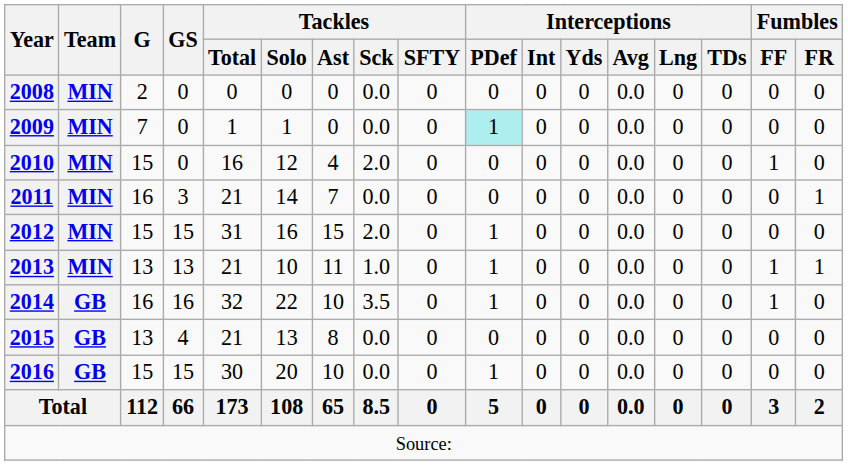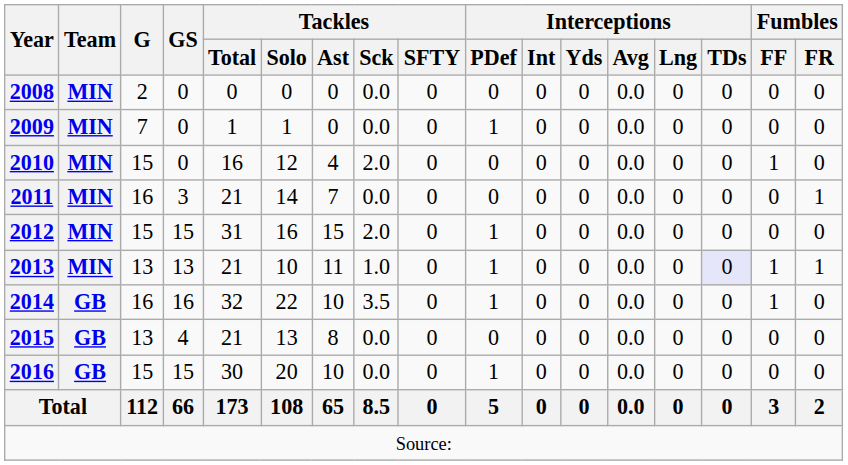 <table class="wikitable" style="text-align: center;">
 <tr>
 <th rowspan=2>Year</th>
 <th rowspan=2>Team</th>
 <th rowspan=2>G</th>
 <th rowspan=2>GS</th>
 <th colspan=5>Tackles</th>
 <th colspan=6>Interceptions</th>
 <th colspan=2>Fumbles</th>
 </tr>
 <tr>
 <th>Total</th>
 <th>Solo</th>
 <th>Ast</th>
 <th>Sck</th>
 <th>SFTY</th>
 <th>PDef</th>
 <th>Int</th>
 <th>Yds</th>
 <th>Avg</th>
 <th>Lng</th>
 <th>TDs</th>
 <th>FF</th>
 <th>FR</th>
 </tr>
 <tr>
 <th><a href='#'>2008</a></th>
 <th><a href='#'>MIN</a></th>
 <td>2</td>
 <td>0</td>
 <td>0</td>
 <td>0</td>
 <td>0</td>
 <td>0.0</td>
 <td>0</td>
 <td>0</td>
 <td>0</td>
 <td>0</td>
 <td>0.0</td>
 <td>0</td>
 <td>0</td>
 <td>0</td>
 <td>0</td>
 </tr>
 <tr>
 <th><a href='#'>2009</a></th>
 <th><a href='#'>MIN</a></th>
 <td>7</td>
 <td>0</td>
 <td>1</td>
 <td>1</td>
 <td>0</td>
 <td>0.0</td>
 <td>0</td>
-<td style="background: paleturquoise;">1</td>
+<td>1</td>
 <td>0</td>
 <td>0</td>
 <td>0.0</td>
 <td>0</td>
 <td>0</td>
 <td>0</td>
 <td>0</td>
 </tr>
 <tr>
 <th><a href='#'>2010</a></th>
 <th><a href='#'>MIN</a></th>
 <td>15</td>
 <td>0</td>
 <td>16</td>
 <td>12</td>
 <td>4</td>
 <td>2.0</td>
 <td>0</td>
 <td>0</td>
 <td>0</td>
 <td>0</td>
 <td>0.0</td>
 <td>0</td>
 <td>0</td>
 <td>1</td>
 <td>0</td>
 </tr>
 <tr>
 <th><a href='#'>2011</a></th>
 <th><a href='#'>MIN</a></th>
 <td>16</td>
 <td>3</td>
 <td>21</td>
 <td>14</td>
 <td>7</td>
 <td>0.0</td>
 <td>0</td>
 <td>0</td>
 <td>0</td>
 <td>0</td>
 <td>0.0</td>
 <td>0</td>
 <td>0</td>
 <td>0</td>
 <td>1</td>
 </tr>
 <tr>
 <th><a href='#'>2012</a></th>
 <th><a href='#'>MIN</a></th>
 <td>15</td>
 <td>15</td>
 <td>31</td>
 <td>16</td>
 <td>15</td>
 <td>2.0</td>
 <td>0</td>
 <td>1</td>
 <td>0</td>
 <td>0</td>
 <td>0.0</td>
 <td>0</td>
 <td>0</td>
 <td>0</td>
 <td>0</td>
 </tr>
 <tr>
 <th><a href='#'>2013</a></th>
 <th><a href='#'>MIN</a></th>
 <td>13</td>
 <td>13</td>
 <td>21</td>
 <td>10</td>
 <td>11</td>
 <td>1.0</td>
 <td>0</td>
 <td>1</td>
 <td>0</td>
 <td>0</td>
 <td>0.0</td>
 <td>0</td>
-<td>0</td>
+<td style="background: lavender;">0</td>
 <td>1</td>
 <td>1</td>
 </tr>
 <tr>
 <th><a href='#'>2014</a></th>
 <th><a href='#'>GB</a></th>
 <td>16</td>
 <td>16</td>
 <td>32</td>
 <td>22</td>
 <td>10</td>
 <td>3.5</td>
 <td>0</td>
 <td>1</td>
 <td>0</td>
 <td>0</td>
 <td>0.0</td>
 <td>0</td>
 <td>0</td>
 <td>1</td>
 <td>0</td>
 </tr>
 <tr>
 <th><a href='#'>2015</a></th>
 <th><a href='#'>GB</a></th>
 <td>13</td>
 <td>4</td>
 <td>21</td>
 <td>13</td>
 <td>8</td>
 <td>0.0</td>
 <td>0</td>
 <td>0</td>
 <td>0</td>
 <td>0</td>
 <td>0.0</td>
 <td>0</td>
 <td>0</td>
 <td>0</td>
 <td>0</td>
 </tr>
 <tr>
 <th><a href='#'>2016</a></th>
 <th><a href='#'>GB</a></th>
 <td>15</td>
 <td>15</td>
 <td>30</td>
 <td>20</td>
 <td>10</td>
 <td>0.0</td>
 <td>0</td>
 <td>1</td>
 <td>0</td>
 <td>0</td>
 <td>0.0</td>
 <td>0</td>
 <td>0</td>
 <td>0</td>
 <td>0</td>
 </tr>
 <tr>
 <th colspan=2>Total</th>
 <th>112</th>
 <th>66</th>
 <th>173</th>
 <th>108</th>
 <th>65</th>
 <th>8.5</th>
 <th>0</th>
 <th>5</th>
 <th>0</th>
 <th>0</th>
 <th>0.0</th>
 <th>0</th>
 <th>0</th>
 <th>3</th>
 <th>2</th>
 </tr>
 <tr>
 <td colspan="17"><small>Source: </small></td>
 </tr>
 </table>
